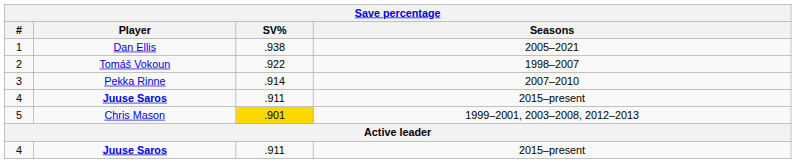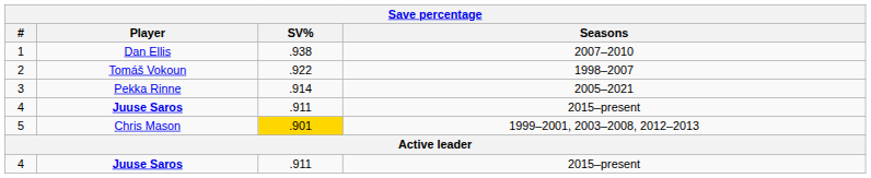 <table class="wikitable" style="text-align: center; font-size: 95%" width="70%">
 <tr>
 <th colspan="4"><a href='#'>Save percentage</a></th>
 </tr>
 <tr>
 <th>#</th>
 <th>Player</th>
 <th>SV%</th>
 <th>Seasons</th>
 </tr>
 <tr>
 <td>1</td>
 <td><a href='#'>Dan Ellis</a></td>
 <td>.938</td>
-<td>2005–2021</td>
+<td>2007–2010</td>
 </tr>
 <tr>
 <td>2</td>
 <td><a href='#'>Tomáš Vokoun</a></td>
 <td>.922</td>
 <td>1998–2007</td>
 </tr>
 <tr>
 <td>3</td>
 <td><a href='#'>Pekka Rinne</a></td>
 <td>.914</td>
-<td>2007–2010</td>
+<td>2005–2021</td>
 </tr>
 <tr>
 <td>4</td>
 <td><strong><a href='#'>Juuse Saros</a></strong></td>
 <td>.911</td>
 <td>2015–present</td>
 </tr>
 <tr>
 <td>5</td>
 <td><a href='#'>Chris Mason</a></td>
 <td style="background: gold;">.901</td>
 <td>1999–2001, 2003–2008, 2012–2013</td>
 </tr>
 <tr>
 <th colspan="4">Active leader</th>
 </tr>
 <tr>
 <td>4</td>
 <td><strong><a href='#'>Juuse Saros</a></strong></td>
 <td>.911</td>
 <td>2015–present</td>
 </tr>
 </table>
